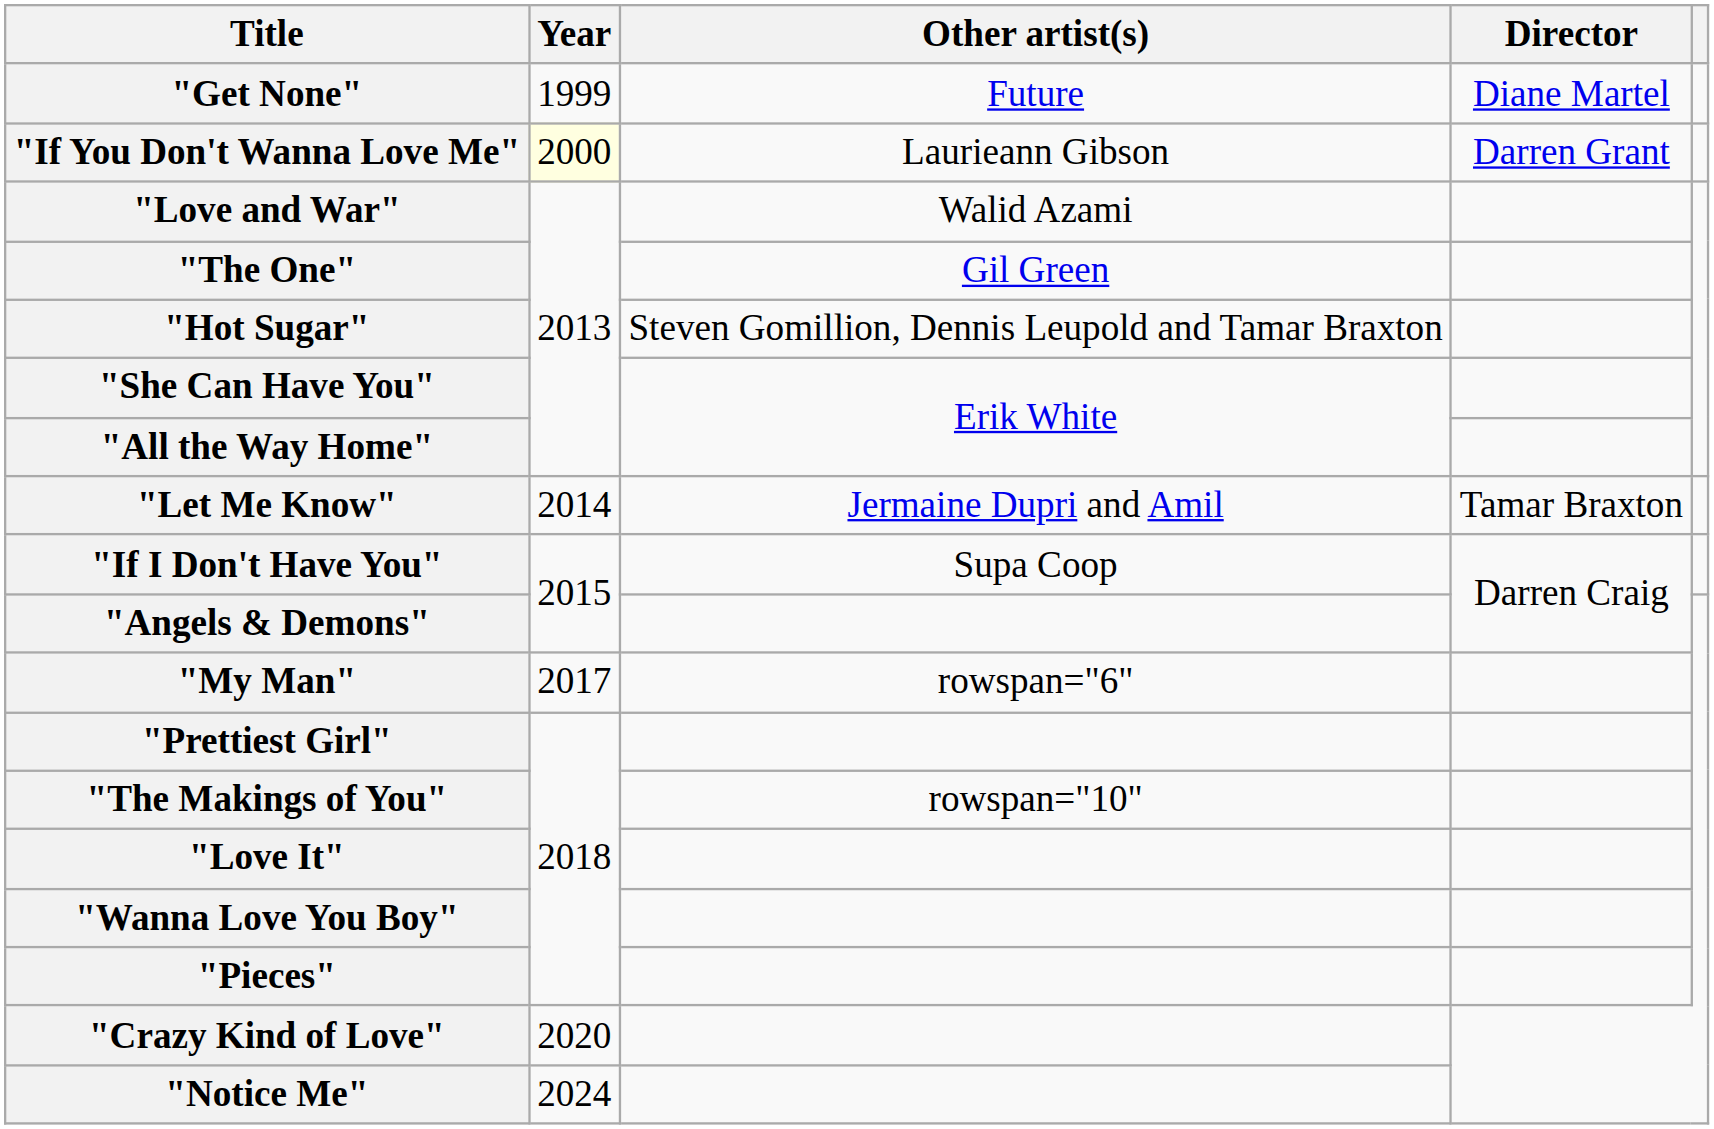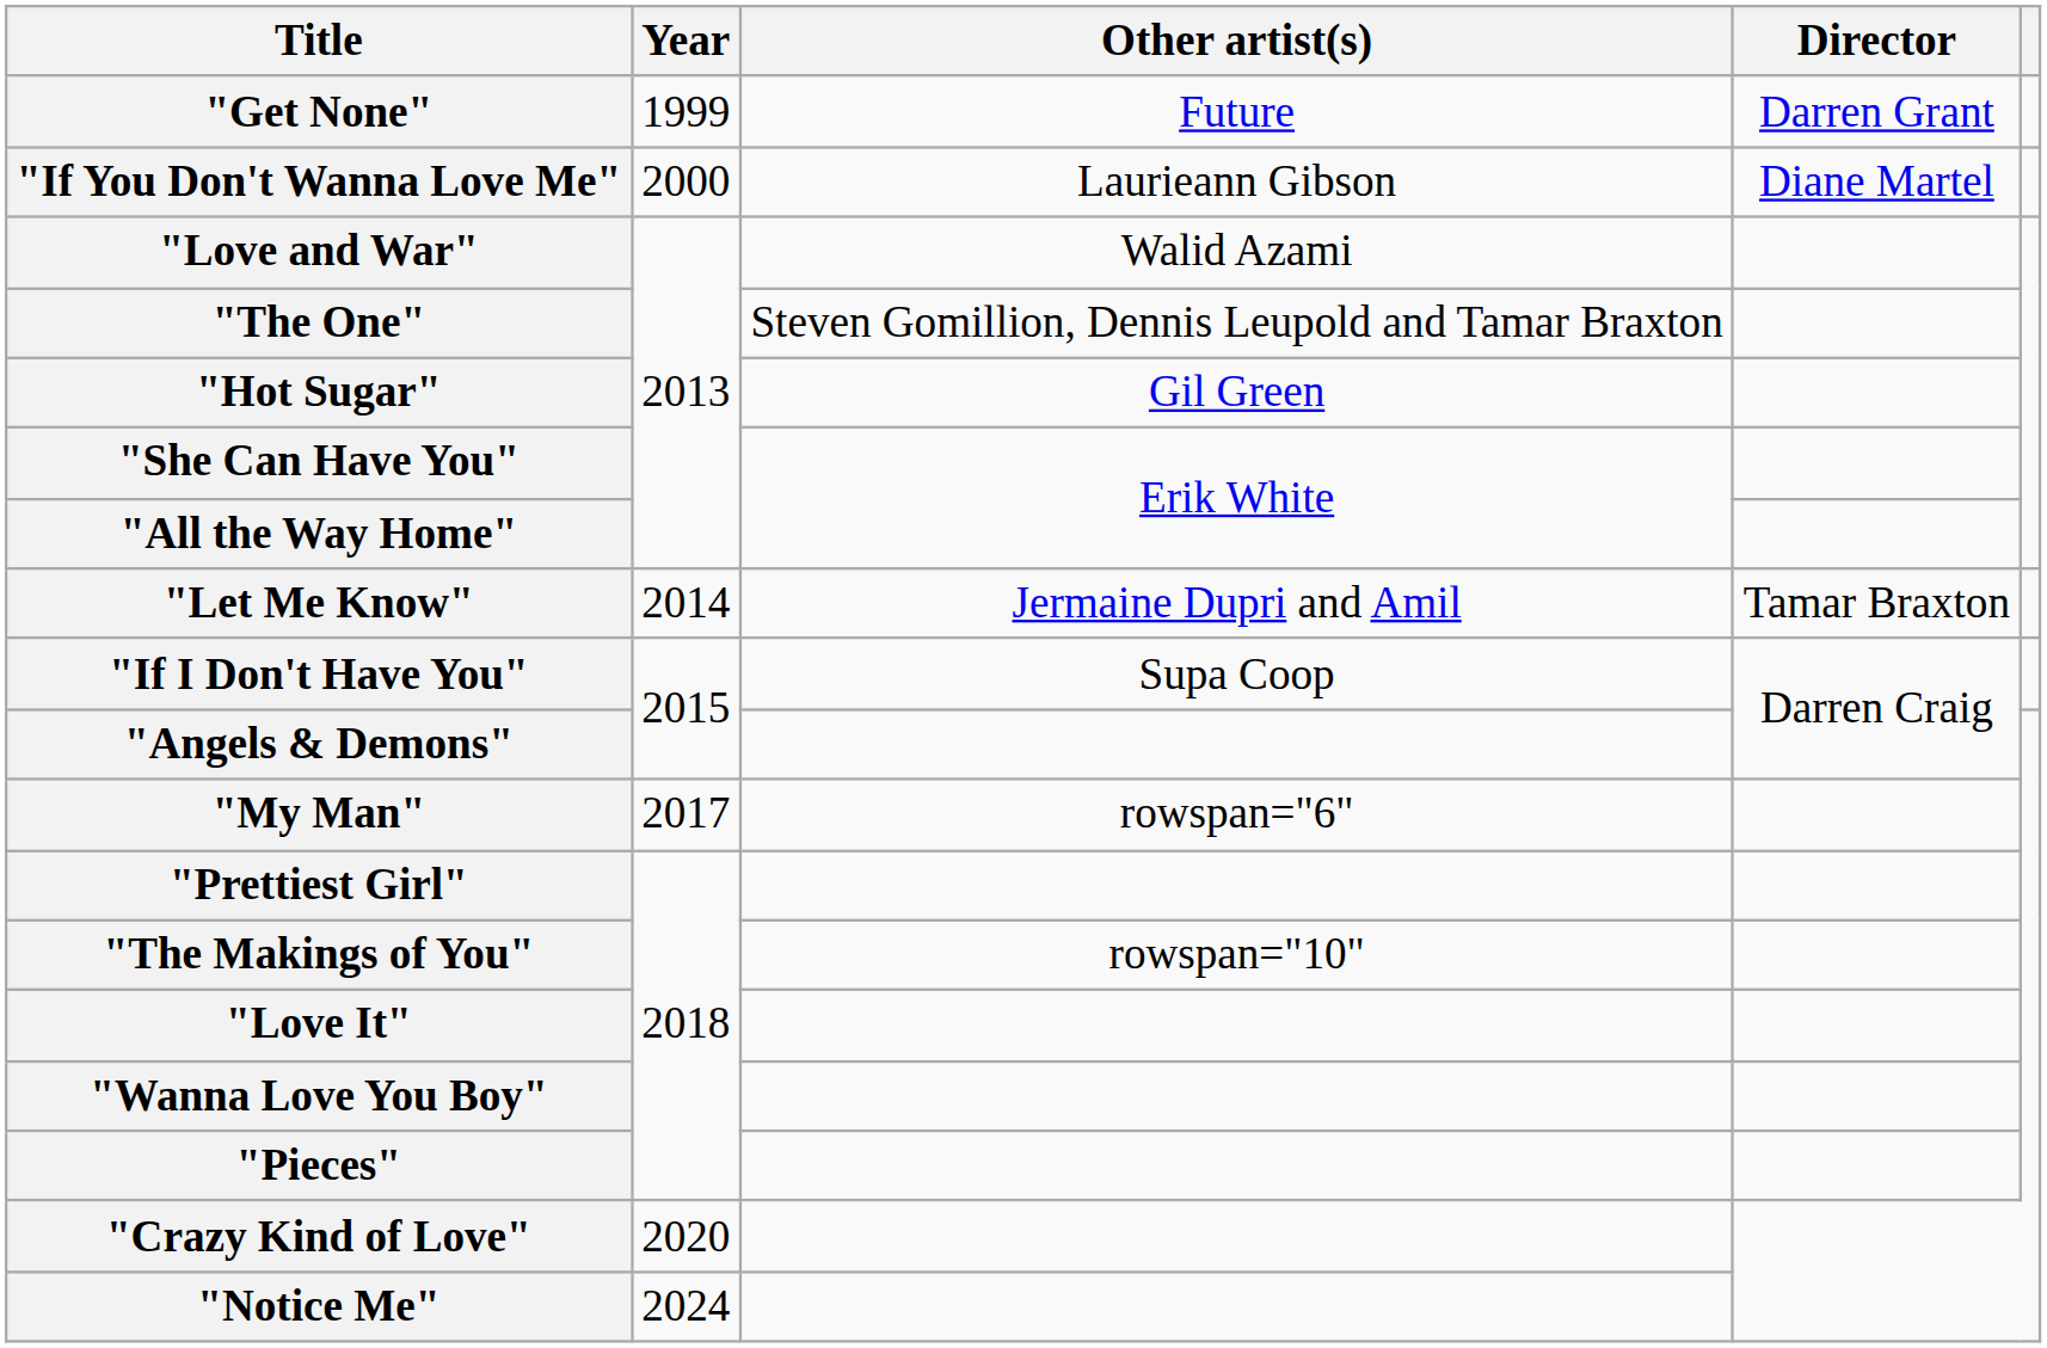 <table class="wikitable plainrowheaders" style="text-align:center;">
 <tr>
 <th scope="col">Title</th>
 <th scope="col">Year</th>
 <th scope="col">Other artist(s)</th>
 <th scope="col">Director</th>
 <th scope="col"></th>
 </tr>
 <tr>
 <th scope="row">"Get None"</th>
 <td>1999</td>
 <td><a href='#'>Future</a></td>
-<td><a href='#'>Diane Martel</a></td>
+<td><a href='#'>Darren Grant</a></td>
 <td></td>
 </tr>
 <tr>
 <th scope="row">"If You Don't Wanna Love Me"</th>
-<td style="background: lightyellow;">2000</td>
+<td>2000</td>
 <td>Laurieann Gibson</td>
-<td><a href='#'>Darren Grant</a></td>
+<td><a href='#'>Diane Martel</a></td>
 <td></td>
 </tr>
 <tr>
 <th scope="row">"Love and War"</th>
 <td rowspan="5">2013</td>
 <td>Walid Azami</td>
 <td></td>
 </tr>
 <tr>
 <th scope="row">"The One"</th>
-<td><a href='#'>Gil Green</a></td>
+<td>Steven Gomillion, Dennis Leupold and Tamar Braxton</td>
 <td></td>
 </tr>
 <tr>
 <th scope="row">"Hot Sugar"</th>
-<td>Steven Gomillion, Dennis Leupold and Tamar Braxton</td>
+<td><a href='#'>Gil Green</a></td>
 <td></td>
 </tr>
 <tr>
 <th scope="row">"She Can Have You"</th>
 <td rowspan="2"><a href='#'>Erik White</a></td>
 <td></td>
 </tr>
 <tr>
 <th scope="row">"All the Way Home"</th>
 <td></td>
 </tr>
 <tr>
 <th scope="row">"Let Me Know"</th>
 <td>2014</td>
 <td><a href='#'>Jermaine Dupri</a> and <a href='#'>Amil</a></td>
 <td>Tamar Braxton</td>
 <td></td>
 </tr>
 <tr>
 <th scope="row">"If I Don't Have You"</th>
 <td rowspan="2">2015</td>
 <td>Supa Coop</td>
 <td rowspan="2">Darren Craig</td>
 <td></td>
 </tr>
 <tr>
 <th scope="row">"Angels & Demons"</th>
 <td></td>
 </tr>
 <tr>
 <th scope="row">"My Man"</th>
 <td>2017</td>
 <td>rowspan="6" </td>
 <td></td>
 </tr>
 <tr>
 <th scope="row">"Prettiest Girl"</th>
 <td rowspan="5">2018</td>
 <td></td>
 <td></td>
 </tr>
 <tr>
 <th scope="row">"The Makings of You"</th>
 <td>rowspan="10" </td>
 <td></td>
 </tr>
 <tr>
 <th scope="row">"Love It"</th>
 <td></td>
 <td></td>
 </tr>
 <tr>
 <th scope="row">"Wanna Love You Boy"</th>
 <td></td>
 <td></td>
 </tr>
 <tr>
 <th scope="row">"Pieces"</th>
 <td></td>
 <td></td>
 </tr>
 <tr>
 <th scope="row">"Crazy Kind of Love"</th>
 <td>2020</td>
 <td></td>
 </tr>
 <tr>
 <th scope="row">"Notice Me"</th>
 <td>2024</td>
 <td></td>
 </tr>
 </table>
